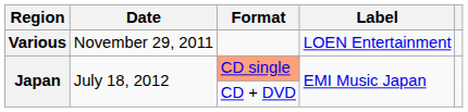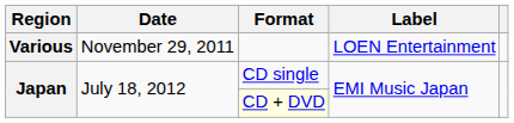 <table class="wikitable plainrowheaders">
 <tr>
 <th scope="col">Region</th>
 <th scope="col">Date</th>
 <th scope="col">Format</th>
 <th scope="col">Label</th>
 <th scope="col"></th>
 </tr>
 <tr>
 <th scope="row">Various</th>
 <td>November 29, 2011</td>
 <td></td>
 <td scope="row"><a href='#'>LOEN Entertainment</a></td>
 <td align="center"></td>
 </tr>
 <tr>
 <th rowspan="2" scope="row">Japan</th>
 <td rowspan="2">July 18, 2012</td>
-<td style="background: lightsalmon;"><a href='#'>CD single</a></td>
+<td><a href='#'>CD single</a></td>
 <td rowspan="2" scope="row"><a href='#'>EMI Music Japan</a></td>
 <td rowspan="2" align="center"></td>
 </tr>
 <tr>
-<td><a href='#'>CD</a> + <a href='#'>DVD</a></td>
+<td style="background: lightyellow;"><a href='#'>CD</a> + <a href='#'>DVD</a></td>
 </tr>
 </table>
